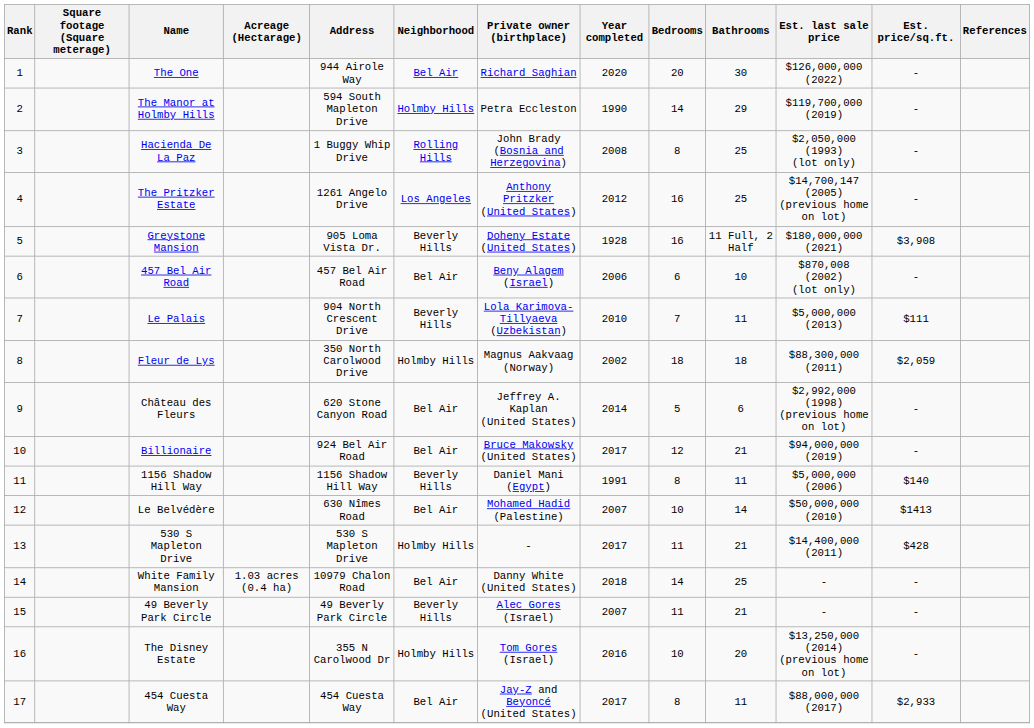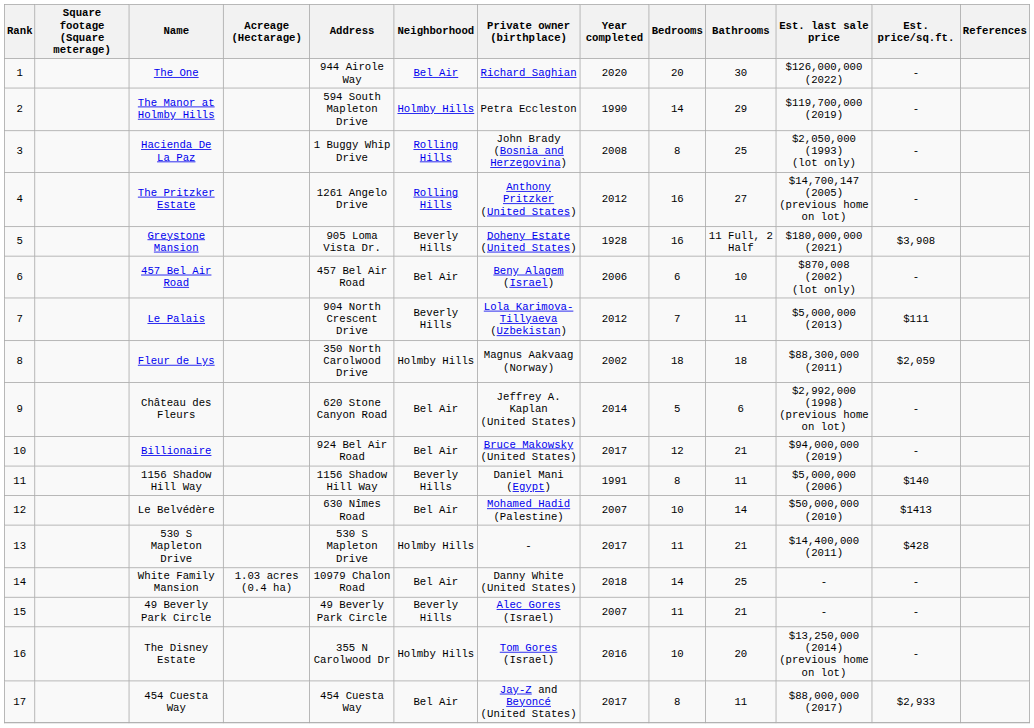 <table class="wikitable sortable sticky-header" style="text-align: center">
 <tr>
 <th>Rank</th>
 <th>Square footage (Square meterage)</th>
 <th>Name</th>
 <th>Acreage (Hectarage)</th>
 <th>Address</th>
 <th>Neighborhood</th>
 <th>Private owner (birthplace)</th>
 <th>Year completed</th>
 <th>Bedrooms</th>
 <th>Bathrooms</th>
 <th>Est. last sale price</th>
 <th>Est. price/sq.ft.</th>
 <th>References</th>
 </tr>
 <tr>
 <td>1</td>
 <td></td>
 <td><a href='#'>The One</a></td>
 <td></td>
 <td>944 Airole Way</td>
 <td><a href='#'>Bel Air</a></td>
 <td><a href='#'>Richard Saghian</a></td>
 <td>2020</td>
 <td>20</td>
 <td>30</td>
 <td>$126,000,000 (2022)</td>
 <td>-</td>
 <td></td>
 </tr>
 <tr>
 <td>2</td>
 <td></td>
 <td><a href='#'>The Manor at Holmby Hills</a></td>
 <td></td>
 <td>594 South Mapleton Drive</td>
 <td><a href='#'>Holmby Hills</a></td>
 <td>Petra Eccleston</td>
 <td>1990</td>
 <td>14</td>
 <td>29</td>
 <td>$119,700,000 (2019)</td>
 <td>-</td>
 <td></td>
 </tr>
 <tr>
 <td>3</td>
 <td></td>
 <td><a href='#'>Hacienda De La Paz</a></td>
 <td></td>
 <td>1 Buggy Whip Drive</td>
 <td><a href='#'>Rolling Hills</a></td>
 <td>John Brady <br>(<a href='#'>Bosnia and Herzegovina</a>)</td>
 <td>2008</td>
 <td>8</td>
 <td>25</td>
 <td>$2,050,000 (1993)<br>(lot only)</td>
 <td>-</td>
 <td></td>
 </tr>
 <tr>
 <td>4</td>
 <td></td>
 <td><a href='#'>The Pritzker Estate</a></td>
 <td></td>
 <td>1261 Angelo Drive</td>
-<td><a href='#'>Los Angeles</a></td>
+<td><a href='#'>Rolling Hills</a></td>
 <td><a href='#'>Anthony Pritzker</a><br>(<a href='#'>United States</a>)</td>
 <td>2012</td>
 <td>16</td>
-<td>25</td>
+<td>27</td>
 <td>$14,700,147 (2005)<br>(previous home on lot)</td>
 <td>-</td>
 <td></td>
 </tr>
 <tr>
 <td>5</td>
 <td></td>
 <td><a href='#'>Greystone Mansion</a></td>
 <td></td>
 <td>905 Loma Vista Dr.</td>
 <td>Beverly Hills</td>
 <td><a href='#'>Doheny Estate</a><br>(<a href='#'>United States</a>)</td>
 <td>1928</td>
 <td>16</td>
 <td>11 Full, 2 Half</td>
 <td>$180,000,000 (2021)</td>
 <td>$3,908</td>
 <td></td>
 </tr>
 <tr>
 <td>6</td>
 <td></td>
 <td><a href='#'>457 Bel Air Road</a></td>
 <td></td>
 <td>457 Bel Air Road</td>
 <td>Bel Air</td>
 <td><a href='#'>Beny Alagem</a><br>(<a href='#'>Israel</a>)</td>
 <td>2006</td>
 <td>6</td>
 <td>10</td>
 <td>$870,008 (2002)<br>(lot only)</td>
 <td>-</td>
 <td></td>
 </tr>
 <tr>
 <td>7</td>
 <td></td>
 <td><a href='#'>Le Palais</a></td>
 <td></td>
 <td>904 North Crescent Drive</td>
 <td>Beverly Hills</td>
 <td><a href='#'>Lola Karimova-Tillyaeva</a><br>(<a href='#'>Uzbekistan</a>)</td>
-<td>2010</td>
+<td>2012</td>
 <td>7</td>
 <td>11</td>
 <td>$5,000,000 (2013)</td>
 <td>$111</td>
 <td></td>
 </tr>
 <tr>
 <td>8</td>
 <td></td>
 <td><a href='#'>Fleur de Lys</a></td>
 <td></td>
 <td>350 North Carolwood Drive</td>
 <td>Holmby Hills</td>
 <td>Magnus Aakvaag (Norway)</td>
 <td>2002</td>
 <td>18</td>
 <td>18</td>
 <td>$88,300,000 (2011)</td>
 <td>$2,059</td>
 <td></td>
 </tr>
 <tr>
 <td>9</td>
 <td></td>
 <td>Château des Fleurs</td>
 <td></td>
 <td>620 Stone Canyon Road</td>
 <td>Bel Air</td>
 <td>Jeffrey A. Kaplan<br>(United States)</td>
 <td>2014</td>
 <td>5</td>
 <td>6</td>
 <td>$2,992,000 (1998)<br>(previous home on lot)</td>
 <td>-</td>
 <td></td>
 </tr>
 <tr>
 <td>10</td>
 <td></td>
 <td><a href='#'>Billionaire</a></td>
 <td></td>
 <td>924 Bel Air Road</td>
 <td>Bel Air</td>
 <td><a href='#'>Bruce Makowsky</a><br>(United States)</td>
 <td>2017</td>
 <td>12</td>
 <td>21</td>
 <td>$94,000,000 (2019)</td>
 <td>-</td>
 <td></td>
 </tr>
 <tr>
 <td>11</td>
 <td></td>
 <td>1156 Shadow Hill Way</td>
 <td></td>
 <td>1156 Shadow Hill Way</td>
 <td>Beverly Hills</td>
 <td>Daniel Mani<br>(<a href='#'>Egypt</a>)</td>
 <td>1991</td>
 <td>8</td>
 <td>11</td>
 <td>$5,000,000 (2006)</td>
 <td>$140</td>
 <td></td>
 </tr>
 <tr>
 <td>12</td>
 <td></td>
 <td>Le Belvédère</td>
 <td></td>
 <td>630 Nîmes Road</td>
 <td>Bel Air</td>
 <td><a href='#'>Mohamed Hadid</a><br>(Palestine)</td>
 <td>2007</td>
 <td>10</td>
 <td>14</td>
 <td>$50,000,000 (2010)</td>
 <td>$1413</td>
 <td></td>
 </tr>
 <tr>
 <td>13</td>
 <td></td>
 <td>530 S Mapleton Drive</td>
 <td></td>
 <td>530 S Mapleton Drive</td>
 <td>Holmby Hills</td>
 <td>-</td>
 <td>2017</td>
 <td>11</td>
 <td>21</td>
 <td>$14,400,000 (2011)</td>
 <td>$428</td>
 <td></td>
 </tr>
 <tr>
 <td>14</td>
 <td></td>
 <td>White Family Mansion</td>
 <td>1.03 acres (0.4 ha)</td>
 <td>10979 Chalon Road</td>
 <td>Bel Air</td>
 <td>Danny White (United States)</td>
 <td>2018</td>
 <td>14</td>
 <td>25</td>
 <td>-</td>
 <td>-</td>
 <td></td>
 </tr>
 <tr>
 <td>15</td>
 <td></td>
 <td>49 Beverly Park Circle</td>
 <td></td>
 <td>49 Beverly Park Circle</td>
 <td>Beverly Hills</td>
 <td><a href='#'>Alec Gores</a><br>(Israel)</td>
 <td>2007</td>
 <td>11</td>
 <td>21</td>
 <td>-</td>
 <td>-</td>
 <td></td>
 </tr>
 <tr>
 <td>16</td>
 <td></td>
 <td>The Disney Estate</td>
 <td></td>
 <td>355 N Carolwood Dr</td>
 <td>Holmby Hills</td>
 <td><a href='#'>Tom Gores</a><br>(Israel)</td>
 <td>2016</td>
 <td>10</td>
 <td>20</td>
 <td>$13,250,000 (2014)<br>(previous home on lot)</td>
 <td>-</td>
 <td></td>
 </tr>
 <tr>
 <td>17</td>
 <td></td>
 <td>454 Cuesta Way</td>
 <td></td>
 <td>454 Cuesta Way</td>
 <td>Bel Air</td>
 <td><a href='#'>Jay-Z</a> and <a href='#'>Beyoncé</a><br>(United States)</td>
 <td>2017</td>
 <td>8</td>
 <td>11</td>
 <td>$88,000,000 (2017)</td>
 <td>$2,933</td>
 <td></td>
 </tr>
 <tr>
 </tr>
 </table>
